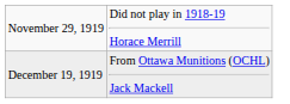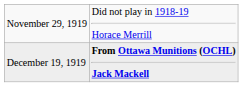 <table class="wikitable">
 <tr>
 <td>November 29, 1919</td>
 <td valign="top">Did not play in <a href='#'>1918-19</a><hr><a href='#'>Horace Merrill</a></td>
 </tr>
 <tr style="background:#eee;">
 <td>December 19, 1919</td>
-<td valign="top">From <a href='#'>Ottawa Munitions</a> (<a href='#'>OCHL</a>)<hr><a href='#'>Jack Mackell</a></td>
+<td valign="top"><strong>From <a href='#'>Ottawa Munitions</a> (<a href='#'>OCHL</a>)<hr><a href='#'>Jack Mackell</a></strong></td>
 </tr>
 </table>
